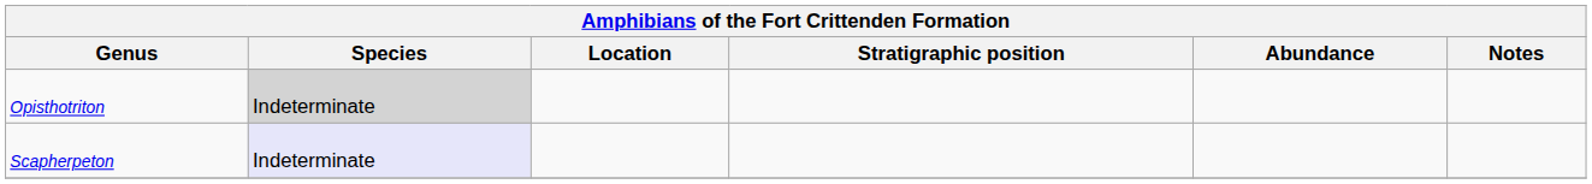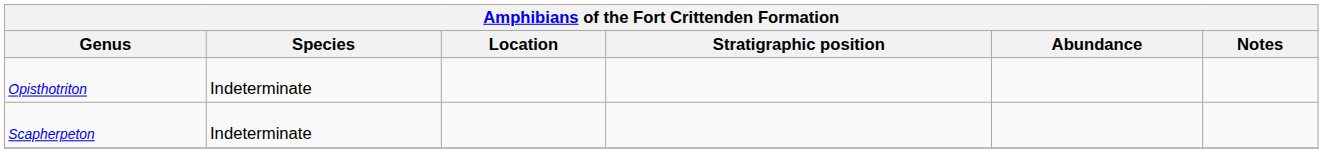 <table class="wikitable" align="center" width="100%">
 <tr>
 <th colspan="7" align="center"><strong><a href='#'>Amphibians</a> of the Fort Crittenden Formation</strong></th>
 </tr>
 <tr>
 <th>Genus</th>
 <th>Species</th>
 <th>Location</th>
 <th>Stratigraphic position</th>
 <th>Abundance</th>
 <th>Notes<br></th>
 </tr>
 <tr>
 <td><br><small><em><a href='#'>Opisthotriton</a></em></small></td>
-<td style="background: lightgrey;"><br>Indeterminate</td>
+<td><br>Indeterminate</td>
 <td></td>
 <td></td>
 <td></td>
 <td><br></td>
 </tr>
 <tr>
 <td><br><small><em><a href='#'>Scapherpeton</a></em></small></td>
-<td style="background: lavender;"><br>Indeterminate</td>
+<td><br>Indeterminate</td>
 <td></td>
 <td></td>
 <td></td>
 <td></td>
 </tr>
 <tr>
 </tr>
 </table>
